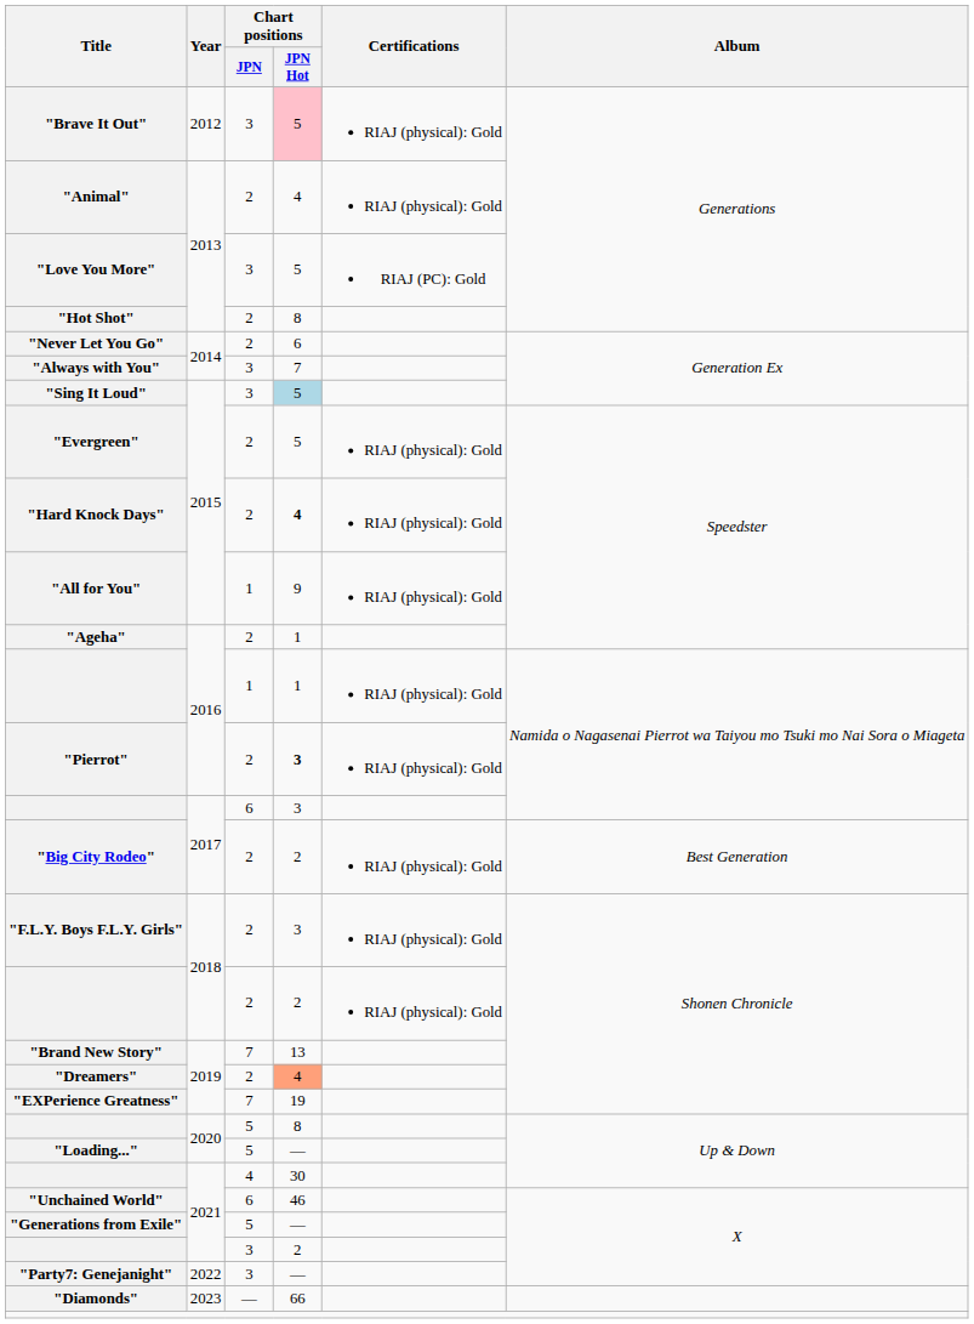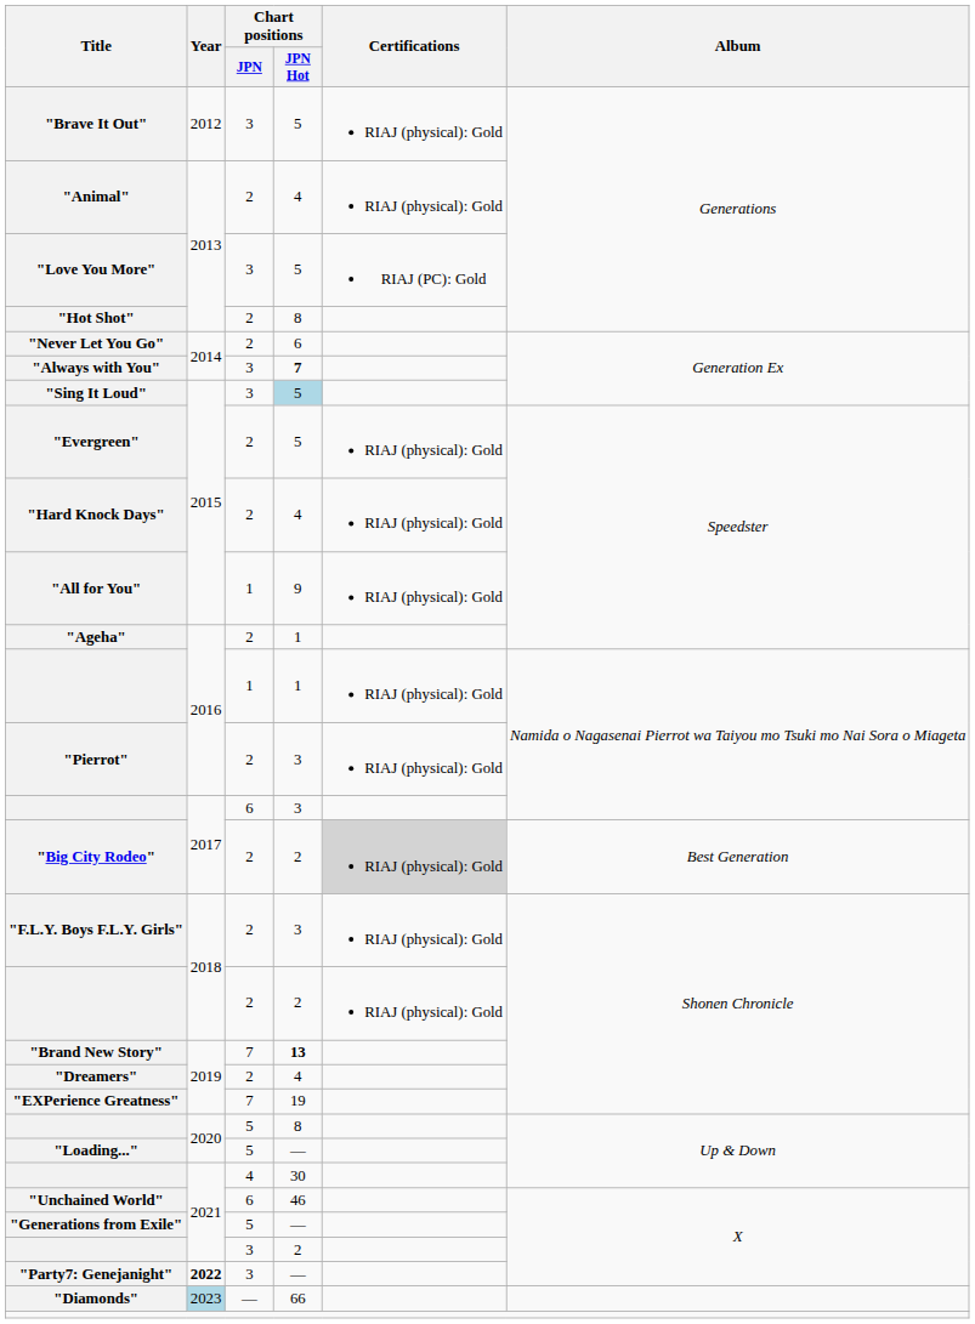 <table class="wikitable plainrowheaders" style="text-align:center">
 <tr>
 <th scope="col" rowspan="2">Title</th>
 <th scope="col" rowspan="2">Year</th>
 <th scope="col" colspan="2">Chart positions</th>
 <th scope="col" rowspan="2">Certifications</th>
 <th scope="col" rowspan="2">Album</th>
 </tr>
 <tr>
 <th scope="col" style="width:3em;font-size:90%;"><a href='#'>JPN</a><br></th>
 <th scope="col" style="width:3em;font-size:90%;"><a href='#'>JPN Hot</a><br></th>
 </tr>
 <tr>
 <th scope="row">"Brave It Out"</th>
 <td>2012</td>
 <td>3</td>
-<td style="background: pink;">5</td>
+<td>5</td>
 <td><br><ul><li>RIAJ <span>(physical)</span>: Gold</li></ul></td>
 <td rowspan="4"><em>Generations</em></td>
 </tr>
 <tr>
 <th scope="row">"Animal"</th>
 <td rowspan="3">2013</td>
 <td>2</td>
 <td>4</td>
 <td><br><ul><li>RIAJ <span>(physical)</span>: Gold</li></ul></td>
 </tr>
 <tr>
 <th scope="row">"Love You More"</th>
 <td>3</td>
 <td>5</td>
 <td><br><ul><li>RIAJ <span>(PC)</span>: Gold</li></ul></td>
 </tr>
 <tr>
 <th scope="row">"Hot Shot"</th>
 <td>2</td>
 <td>8</td>
 <td></td>
 </tr>
 <tr>
 <th scope="row">"Never Let You Go"</th>
 <td rowspan="2">2014</td>
 <td>2</td>
 <td>6</td>
 <td></td>
 <td rowspan="3"><em>Generation Ex</em></td>
 </tr>
 <tr>
 <th scope="row">"Always with You"</th>
 <td>3</td>
-<td>7</td>
+<td><strong>7</strong></td>
 <td></td>
 </tr>
 <tr>
 <th scope="row">"Sing It Loud"</th>
 <td rowspan="4">2015</td>
 <td>3</td>
 <td style="background: lightblue;">5</td>
 <td></td>
 </tr>
 <tr>
 <th scope="row">"Evergreen"</th>
 <td>2</td>
 <td>5</td>
 <td><br><ul><li>RIAJ <span>(physical)</span>: Gold</li></ul></td>
 <td rowspan="4"><em>Speedster</em></td>
 </tr>
 <tr>
 <th scope="row">"Hard Knock Days"</th>
 <td>2</td>
-<td><strong>4</strong></td>
+<td>4</td>
 <td><br><ul><li>RIAJ <span>(physical)</span>: Gold</li></ul></td>
 </tr>
 <tr>
 <th scope="row">"All for You"</th>
 <td>1</td>
 <td>9</td>
 <td><br><ul><li>RIAJ <span>(physical)</span>: Gold</li></ul></td>
 </tr>
 <tr>
 <th scope="row">"Ageha"</th>
 <td rowspan="3">2016</td>
 <td>2</td>
 <td>1</td>
 <td></td>
 </tr>
 <tr>
 <th scope="row"></th>
 <td>1</td>
 <td>1</td>
 <td><br><ul><li>RIAJ <span>(physical)</span>: Gold</li></ul></td>
 <td rowspan="3"><em>Namida o Nagasenai Pierrot wa Taiyou mo Tsuki mo Nai Sora o Miageta</em></td>
 </tr>
 <tr>
 <th scope="row">"Pierrot"</th>
 <td>2</td>
-<td><strong>3</strong></td>
+<td>3</td>
 <td><br><ul><li>RIAJ <span>(physical)</span>: Gold</li></ul></td>
 </tr>
 <tr>
 <th scope="row"></th>
 <td rowspan="2">2017</td>
 <td>6</td>
 <td>3</td>
 <td></td>
 </tr>
 <tr>
 <th scope="row">"<a href='#'>Big City Rodeo</a>"</th>
 <td>2</td>
 <td>2</td>
-<td><br><ul><li>RIAJ <span>(physical)</span>: Gold</li></ul></td>
+<td style="background: lightgrey;"><br><ul><li>RIAJ <span>(physical)</span>: Gold</li></ul></td>
 <td><em>Best Generation</em></td>
 </tr>
 <tr>
 <th scope="row">"F.L.Y. Boys F.L.Y. Girls"</th>
 <td rowspan="2">2018</td>
 <td>2</td>
 <td>3</td>
 <td><br><ul><li>RIAJ <span>(physical)</span>: Gold</li></ul></td>
 <td rowspan="5"><em>Shonen Chronicle</em></td>
 </tr>
 <tr>
 <th scope="row"></th>
 <td>2</td>
 <td>2</td>
 <td><br><ul><li>RIAJ <span>(physical)</span>: Gold</li></ul></td>
 </tr>
 <tr>
 <th scope="row">"Brand New Story"</th>
 <td rowspan="3">2019</td>
 <td>7</td>
-<td>13</td>
+<td><strong>13</strong></td>
 <td></td>
 </tr>
 <tr>
 <th scope="row">"Dreamers"</th>
 <td>2</td>
-<td style="background: lightsalmon;">4</td>
+<td>4</td>
 <td></td>
 </tr>
 <tr>
 <th scope="row">"EXPerience Greatness"</th>
 <td>7</td>
 <td>19</td>
 <td></td>
 </tr>
 <tr>
 <th scope="row"></th>
 <td rowspan="2">2020</td>
 <td>5</td>
 <td>8</td>
 <td></td>
 <td rowspan="3"><em>Up & Down</em></td>
 </tr>
 <tr>
 <th scope="row">"Loading..."</th>
 <td>5</td>
 <td>—</td>
 <td></td>
 </tr>
 <tr>
 <th scope="row"></th>
 <td rowspan="4">2021</td>
 <td>4</td>
 <td>30</td>
 <td></td>
 </tr>
 <tr>
 <th scope="row">"Unchained World"</th>
 <td>6</td>
 <td>46</td>
 <td></td>
 <td rowspan="4"><em>X</em></td>
 </tr>
 <tr>
 <th scope="row">"Generations from Exile"</th>
 <td>5</td>
 <td>—</td>
 <td></td>
 </tr>
 <tr>
 <th scope="row"></th>
 <td>3</td>
 <td>2</td>
 <td></td>
 </tr>
 <tr>
 <th scope="row">"Party7: Genejanight"</th>
-<td>2022</td>
+<td><strong>2022</strong></td>
 <td>3</td>
 <td>—</td>
 <td></td>
 </tr>
 <tr>
 <th scope="row">"Diamonds"</th>
-<td>2023</td>
+<td style="background: lightblue;">2023</td>
 <td>—</td>
 <td>66</td>
 <td></td>
 </tr>
 <tr>
 <td colspan="7"></td>
 </tr>
 </table>
